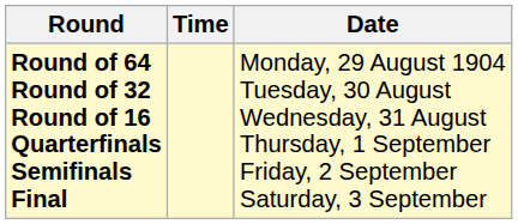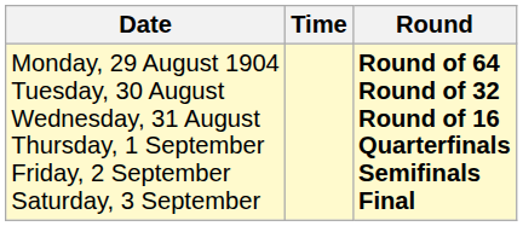 <table class="wikitable">
 <tr>
+<th>Date</th>
+<th>Time</th>
 <th>Round</th>
-<th>Time</th>
-<th>Date</th>
 </tr>
 <tr style=background:lemonchiffon>
+<td>Monday, 29 August 1904<br>Tuesday, 30 August<br>Wednesday, 31 August<br>Thursday, 1 September<br>Friday, 2 September<br>Saturday, 3 September</td>
+<td></td>
 <td><strong>Round of 64</strong><br><strong>Round of 32</strong><br><strong>Round of 16</strong><br><strong>Quarterfinals</strong><br><strong>Semifinals</strong><br><strong>Final</strong></td>
-<td></td>
-<td>Monday, 29 August 1904<br>Tuesday, 30 August<br>Wednesday, 31 August<br>Thursday, 1 September<br>Friday, 2 September<br>Saturday, 3 September</td>
 </tr>
 </table>
